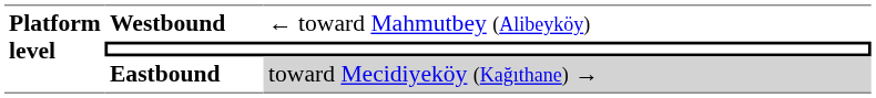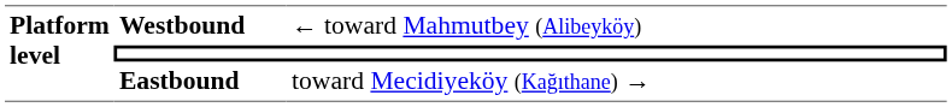 <table cellpadding="3" cellspacing="0" border="0">
 <tr>
 <td rowspan="3" width="50" style="border-top-color: gray; border-bottom-color: gray; border-top-width: 1px; border-bottom-width: 1px; border-top-style: solid; border-bottom-style: solid;" valign="top"><strong>Platform level</strong></td>
 <td width="100" style="border-top-color: gray; border-top-width: 1px; border-top-style: solid;"><strong>Westbound</strong></td>
 <td width="400" style="border-top-color: gray; border-top-width: 1px; border-top-style: solid;">←  toward <a href='#'>Mahmutbey</a> <small>(<a href='#'>Alibeyköy</a>)</small></td>
 </tr>
 <tr>
 <td colspan="2" style="border: 2px solid black; border-image: none; text-align: center;"></td>
 </tr>
 <tr>
 <td style="border-bottom-color: gray; border-bottom-width: 1px; border-bottom-style: solid;"><strong>Eastbound</strong></td>
-<td style="background: lightgrey; border-bottom-color: gray; border-bottom-width: 1px; border-bottom-style: solid;"> toward <a href='#'>Mecidiyeköy</a> <small>(<a href='#'>Kağıthane</a>)</small> →</td>
+<td style="border-bottom-color: gray; border-bottom-width: 1px; border-bottom-style: solid;"> toward <a href='#'>Mecidiyeköy</a> <small>(<a href='#'>Kağıthane</a>)</small> →</td>
 </tr>
 </table>
